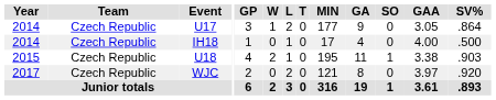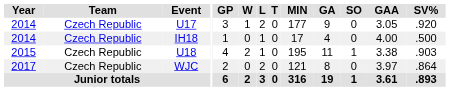 <table border="0" cellpadding="1" cellspacing="0" ID="Table3" style="text-align:center; width:40em;">
 <tr bgcolor="#e0e0e0">
 <th>Year</th>
 <th>Team</th>
 <th>Event</th>
 <th rowspan="99" bgcolor="#ffffff"></th>
 <th>GP</th>
 <th>W</th>
 <th>L</th>
 <th>T</th>
 <th>MIN</th>
 <th>GA</th>
 <th>SO</th>
 <th>GAA</th>
 <th>SV%</th>
 </tr>
 <tr>
 <td><a href='#'>2014</a></td>
 <td><a href='#'>Czech Republic</a></td>
 <td><a href='#'>U17</a></td>
 <td>3</td>
 <td>1</td>
 <td>2</td>
 <td>0</td>
 <td>177</td>
 <td>9</td>
 <td>0</td>
 <td>3.05</td>
-<td>.864</td>
+<td>.920</td>
 </tr>
 <tr bgcolor="#f0f0f0">
 <td><a href='#'>2014</a></td>
 <td><a href='#'>Czech Republic</a></td>
 <td><a href='#'>IH18</a></td>
 <td>1</td>
 <td>0</td>
 <td>1</td>
 <td>0</td>
 <td>17</td>
 <td>4</td>
 <td>0</td>
 <td>4.00</td>
 <td>.500</td>
 </tr>
 <tr>
 <td><a href='#'>2015</a></td>
 <td>Czech Republic</td>
 <td><a href='#'>U18</a></td>
 <td>4</td>
 <td>2</td>
 <td>1</td>
 <td>0</td>
 <td>195</td>
 <td>11</td>
 <td>1</td>
 <td>3.38</td>
 <td>.903</td>
 </tr>
 <tr bgcolor="#f0f0f0">
 <td><a href='#'>2017</a></td>
 <td>Czech Republic</td>
 <td><a href='#'>WJC</a></td>
 <td>2</td>
 <td>0</td>
 <td>2</td>
 <td>0</td>
 <td>121</td>
 <td>8</td>
 <td>0</td>
 <td>3.97</td>
-<td>.920</td>
+<td>.864</td>
 </tr>
 <tr bgcolor="#e0e0e0">
 <th colspan="3">Junior totals</th>
 <th>6</th>
 <th>2</th>
 <th>3</th>
 <th>0</th>
 <th>316</th>
 <th>19</th>
 <th>1</th>
 <th>3.61</th>
 <th>.893</th>
 </tr>
 </table>
